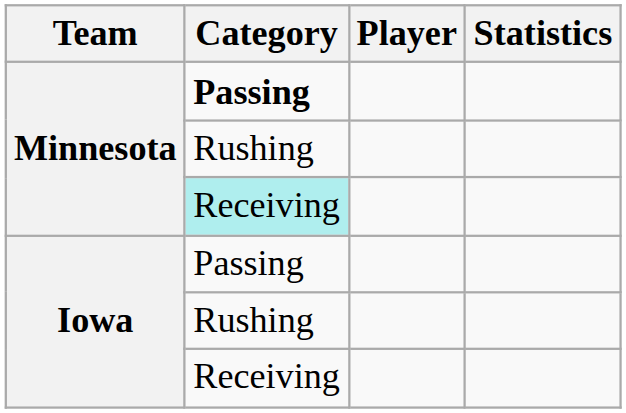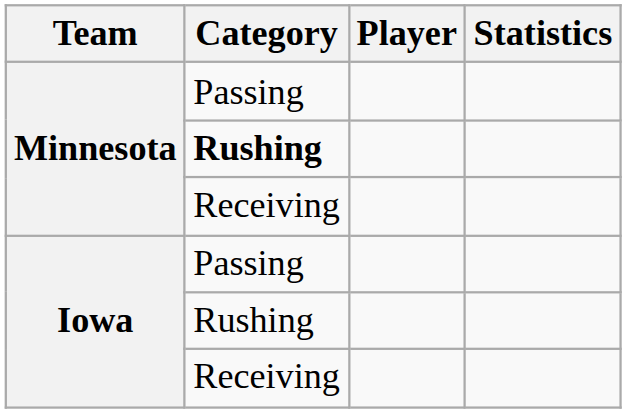 <table class="wikitable" style="float:right">
 <tr>
 <th>Team</th>
 <th>Category</th>
 <th>Player</th>
 <th>Statistics</th>
 </tr>
 <tr>
 <th rowspan=3>Minnesota</th>
-<td><strong>Passing</strong></td>
+<td>Passing</td>
 <td></td>
 <td></td>
 </tr>
 <tr>
-<td>Rushing</td>
+<td><strong>Rushing</strong></td>
 <td></td>
 <td></td>
 </tr>
 <tr>
-<td style="background: paleturquoise;">Receiving</td>
+<td>Receiving</td>
 <td></td>
 <td></td>
 </tr>
 <tr>
 <th rowspan=3>Iowa</th>
 <td>Passing</td>
 <td></td>
 <td></td>
 </tr>
 <tr>
 <td>Rushing</td>
 <td></td>
 <td></td>
 </tr>
 <tr>
 <td>Receiving</td>
 <td></td>
 <td></td>
 </tr>
 </table>
